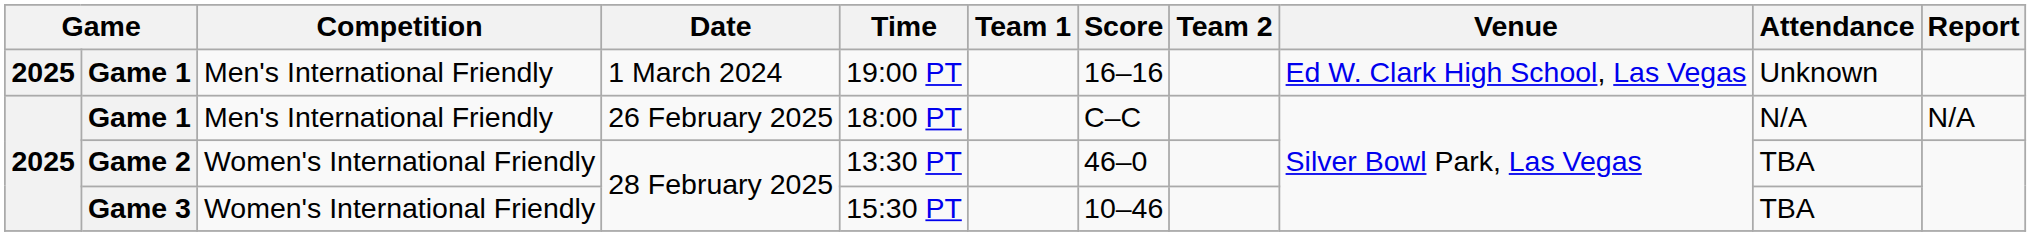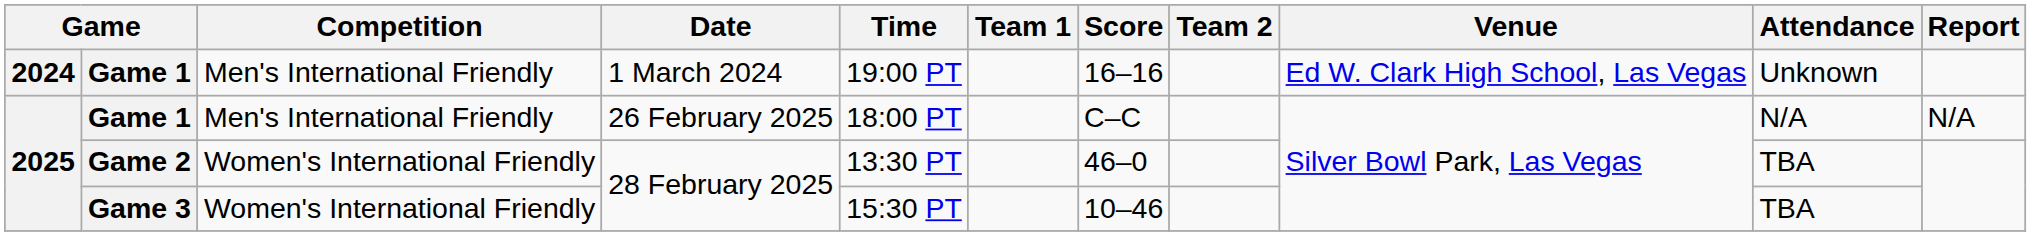 <table class="wikitable">
 <tr>
 <th colspan="2">Game</th>
 <th>Competition</th>
 <th>Date</th>
 <th>Time</th>
 <th>Team 1</th>
 <th>Score</th>
 <th>Team 2</th>
 <th>Venue</th>
 <th>Attendance</th>
 <th>Report</th>
 </tr>
 <tr>
-<th>2025</th>
+<th>2024</th>
 <th>Game 1</th>
 <td>Men's International Friendly</td>
 <td>1 March 2024</td>
 <td>19:00 <a href='#'>PT</a></td>
 <td></td>
 <td>16–16</td>
 <td></td>
 <td><a href='#'>Ed W. Clark High School</a>, <a href='#'>Las Vegas</a></td>
 <td>Unknown</td>
 <td></td>
 </tr>
 <tr>
 <th rowspan="3">2025</th>
 <th>Game 1</th>
 <td>Men's International Friendly</td>
 <td>26 February 2025</td>
 <td>18:00 <a href='#'>PT</a></td>
 <td></td>
 <td>C–C</td>
 <td></td>
 <td rowspan="3"><a href='#'>Silver Bowl</a> Park, <a href='#'>Las Vegas</a></td>
 <td>N/A</td>
 <td>N/A</td>
 </tr>
 <tr>
 <th>Game 2</th>
 <td>Women's International Friendly</td>
 <td rowspan="2">28 February 2025</td>
 <td>13:30 <a href='#'>PT</a></td>
 <td></td>
 <td>46–0</td>
 <td></td>
 <td>TBA</td>
 <td rowspan="2"></td>
 </tr>
 <tr>
 <th>Game 3</th>
 <td>Women's International Friendly</td>
 <td>15:30 <a href='#'>PT</a></td>
 <td></td>
 <td>10–46</td>
 <td></td>
 <td>TBA</td>
 </tr>
 </table>
